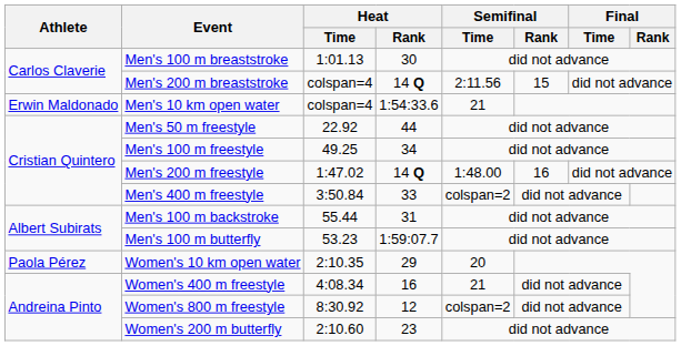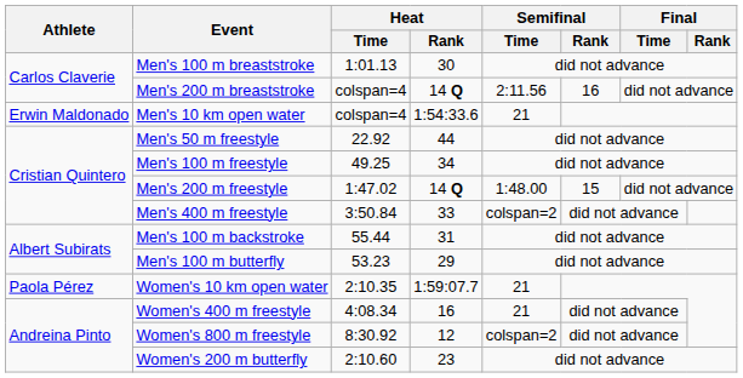 <table class=wikitable style="font-size:90%">
 <tr>
 <th rowspan="2">Athlete</th>
 <th rowspan="2">Event</th>
 <th colspan="2">Heat</th>
 <th colspan="2">Semifinal</th>
 <th colspan="2">Final</th>
 </tr>
 <tr style="font-size:95%">
 <th>Time</th>
 <th>Rank</th>
 <th>Time</th>
 <th>Rank</th>
 <th>Time</th>
 <th>Rank</th>
 </tr>
 <tr align=center>
 <td align=left rowspan=2><a href='#'>Carlos Claverie</a></td>
 <td align=left><a href='#'>Men's 100 m breaststroke</a></td>
 <td>1:01.13</td>
 <td>30</td>
 <td colspan=4>did not advance</td>
 </tr>
 <tr align=center>
 <td align=left><a href='#'>Men's 200 m breaststroke</a></td>
 <td>colspan=4 </td>
 <td>14 <strong>Q</strong></td>
 <td>2:11.56</td>
-<td>15</td>
+<td>16</td>
 <td colspan=2>did not advance</td>
 </tr>
 <tr align=center>
 <td align=left><a href='#'>Erwin Maldonado</a></td>
 <td align=left><a href='#'>Men's 10 km open water</a></td>
 <td>colspan=4 </td>
 <td>1:54:33.6</td>
 <td>21</td>
 </tr>
 <tr align=center>
 <td align=left rowspan=4><a href='#'>Cristian Quintero</a></td>
 <td align=left><a href='#'>Men's 50 m freestyle</a></td>
 <td>22.92</td>
 <td>44</td>
 <td colspan=4>did not advance</td>
 </tr>
 <tr align=center>
 <td align=left><a href='#'>Men's 100 m freestyle</a></td>
 <td>49.25</td>
 <td>34</td>
 <td colspan=4>did not advance</td>
 </tr>
 <tr align=center>
 <td align=left><a href='#'>Men's 200 m freestyle</a></td>
 <td>1:47.02</td>
 <td>14 <strong>Q</strong></td>
 <td>1:48.00</td>
-<td>16</td>
+<td>15</td>
 <td colspan=2>did not advance</td>
 </tr>
 <tr align=center>
 <td align=left><a href='#'>Men's 400 m freestyle</a></td>
 <td>3:50.84</td>
 <td>33</td>
 <td>colspan=2 </td>
 <td colspan=2>did not advance</td>
 </tr>
 <tr align=center>
 <td align=left rowspan=2><a href='#'>Albert Subirats</a></td>
 <td align=left><a href='#'>Men's 100 m backstroke</a></td>
 <td>55.44</td>
 <td>31</td>
 <td colspan=4>did not advance</td>
 </tr>
 <tr align=center>
 <td align=left><a href='#'>Men's 100 m butterfly</a></td>
 <td>53.23</td>
-<td>1:59:07.7</td>
+<td>29</td>
 <td colspan=4>did not advance</td>
 </tr>
 <tr align=center>
 <td align=left><a href='#'>Paola Pérez</a></td>
 <td align=left><a href='#'>Women's 10 km open water</a></td>
 <td>2:10.35</td>
-<td>29</td>
-<td>20</td>
+<td>1:59:07.7</td>
+<td>21</td>
 </tr>
 <tr align=center>
 <td align=left rowspan=3><a href='#'>Andreina Pinto</a></td>
 <td align=left><a href='#'>Women's 400 m freestyle</a></td>
 <td>4:08.34</td>
 <td>16</td>
 <td>21</td>
 <td colspan=2>did not advance</td>
 </tr>
 <tr align=center>
 <td align=left><a href='#'>Women's 800 m freestyle</a></td>
 <td>8:30.92</td>
 <td>12</td>
 <td>colspan=2 </td>
 <td colspan=2>did not advance</td>
 </tr>
 <tr align=center>
 <td align=left><a href='#'>Women's 200 m butterfly</a></td>
 <td>2:10.60</td>
 <td>23</td>
 <td colspan=4>did not advance</td>
 </tr>
 </table>
